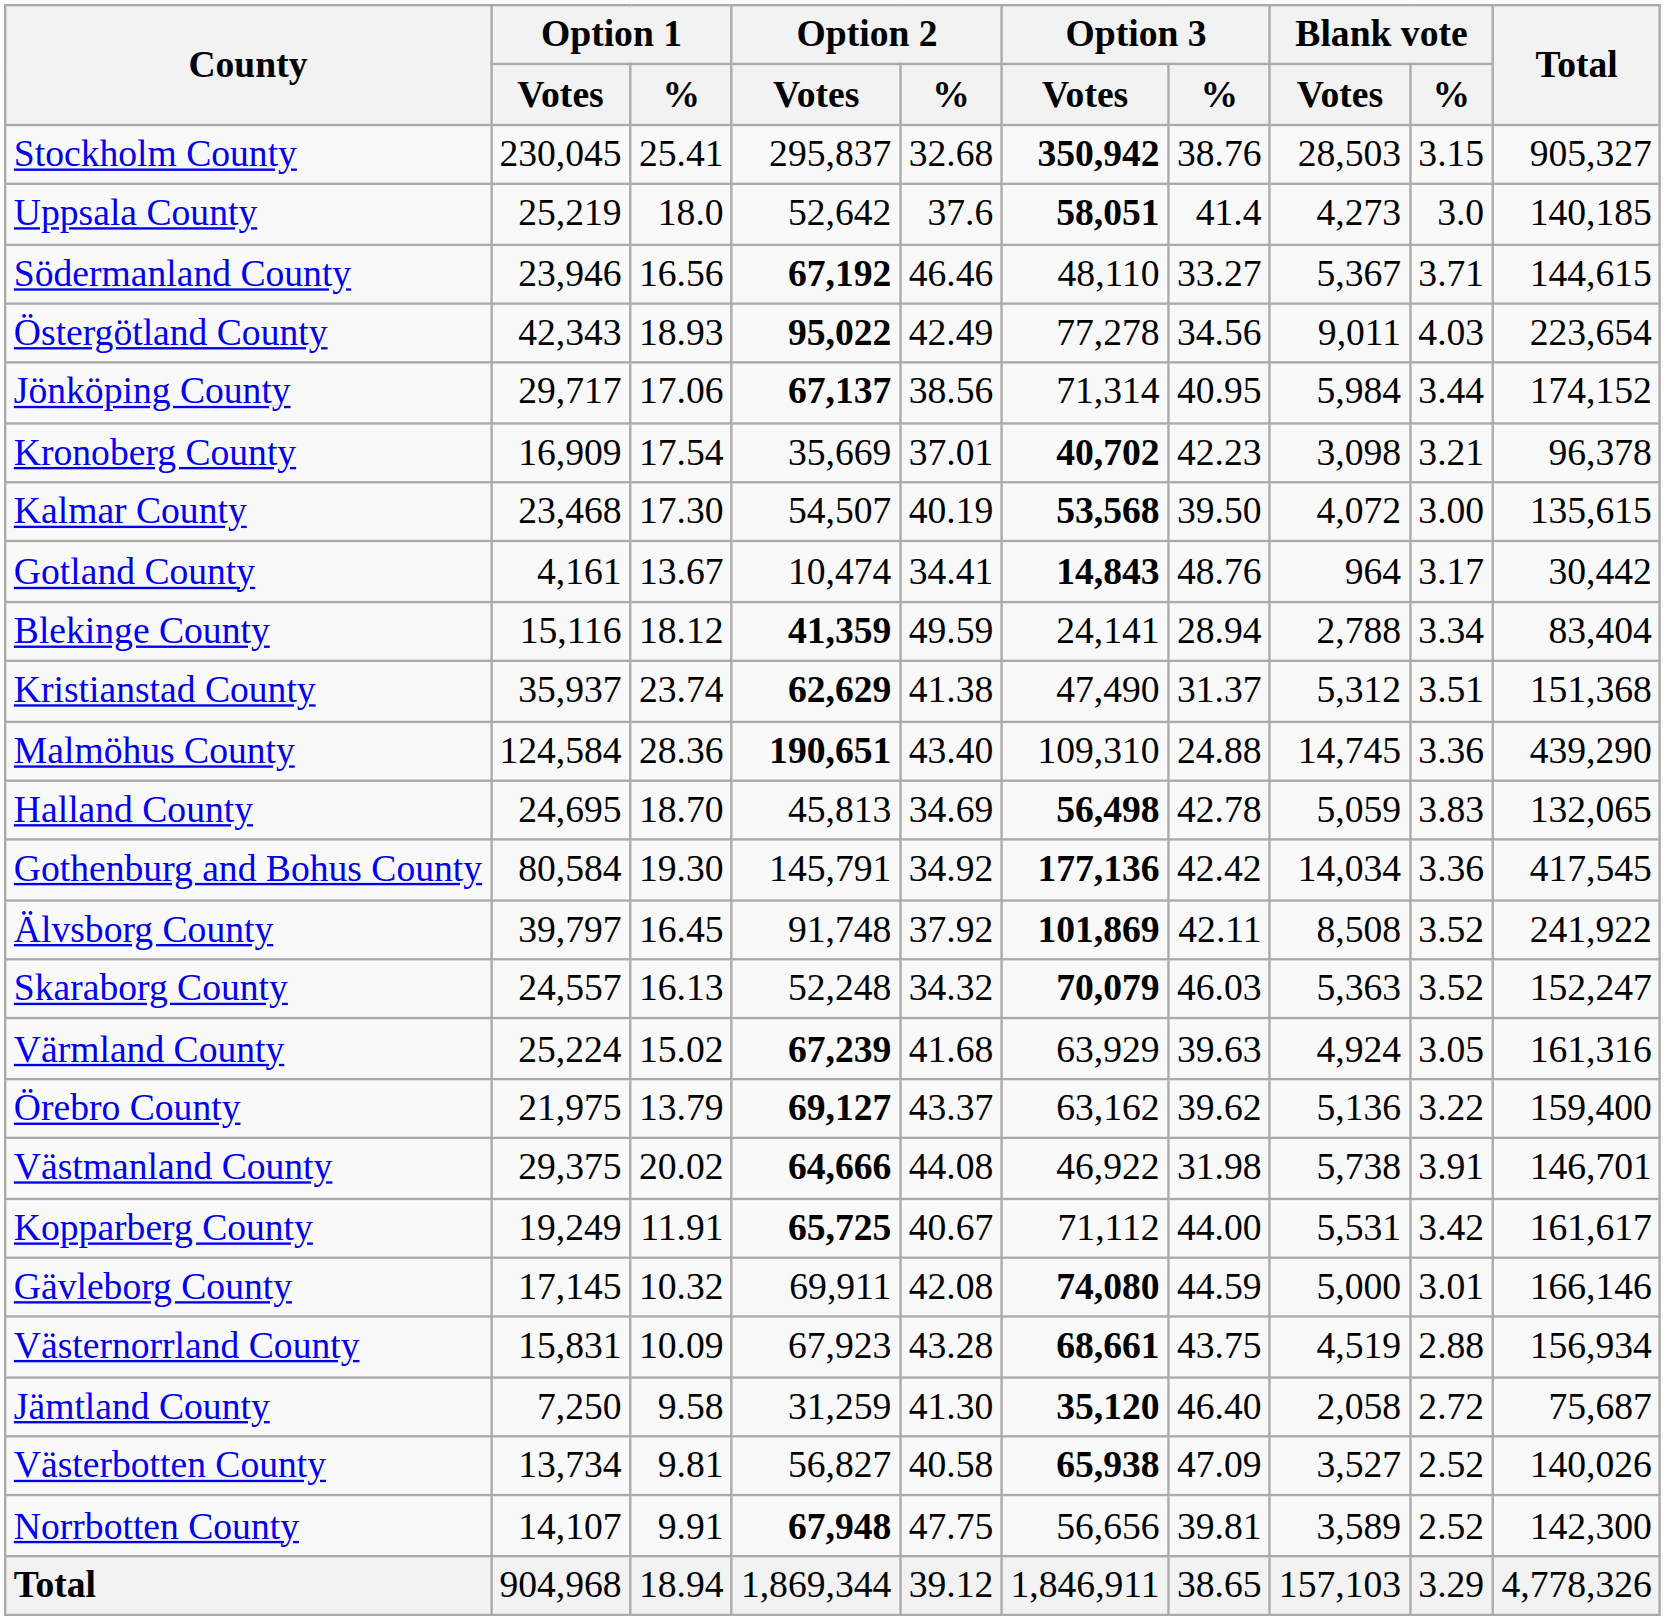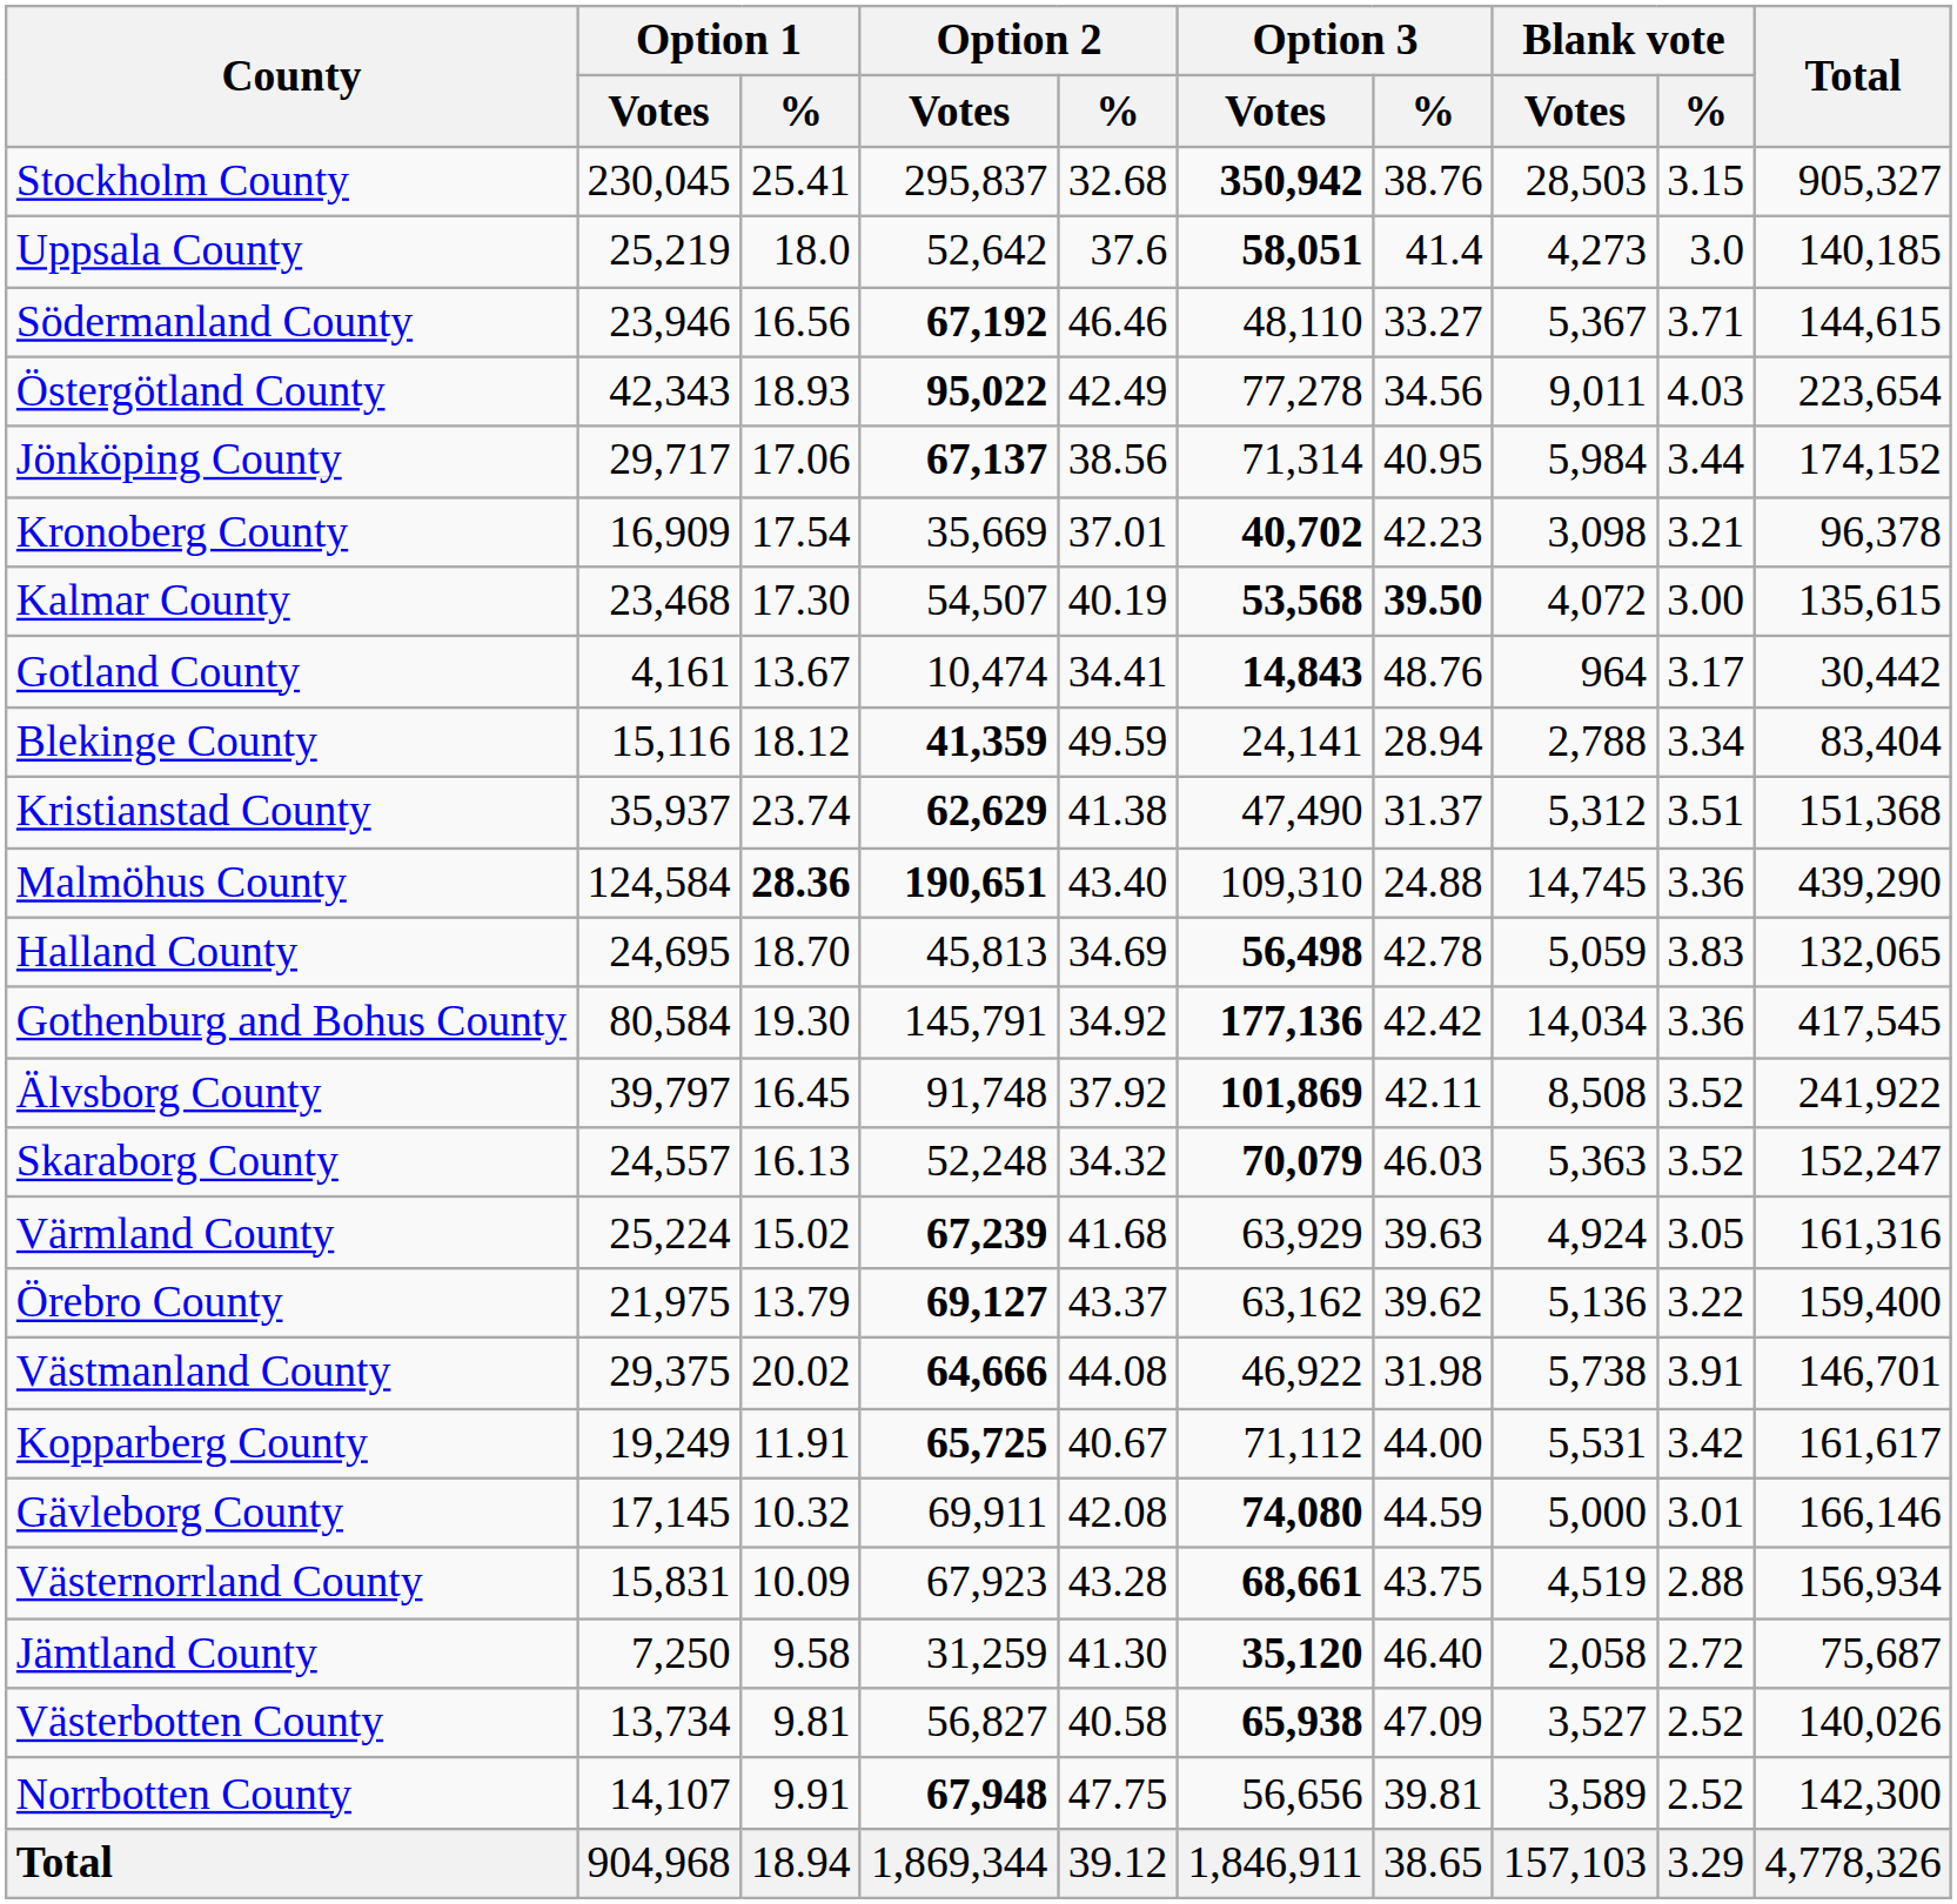 <table class="wikitable sortable" style=text-align:right>
 <tr>
 <th rowspan=2>County</th>
 <th colspan=2>Option 1</th>
 <th colspan=2>Option 2</th>
 <th colspan=2>Option 3</th>
 <th colspan=2>Blank vote</th>
 <th rowspan=2>Total</th>
 </tr>
 <tr>
 <th>Votes</th>
 <th>%</th>
 <th>Votes</th>
 <th>%</th>
 <th>Votes</th>
 <th>%</th>
 <th>Votes</th>
 <th>%</th>
 </tr>
 <tr>
 <td align=left><a href='#'>Stockholm County</a></td>
 <td>230,045</td>
 <td>25.41</td>
 <td>295,837</td>
 <td>32.68</td>
 <td><strong>350,942</strong></td>
 <td>38.76</td>
 <td>28,503</td>
 <td>3.15</td>
 <td>905,327</td>
 </tr>
 <tr>
 <td align=left><a href='#'>Uppsala County</a></td>
 <td>25,219</td>
 <td>18.0</td>
 <td>52,642</td>
 <td>37.6</td>
 <td><strong>58,051</strong></td>
 <td>41.4</td>
 <td>4,273</td>
 <td>3.0</td>
 <td>140,185</td>
 </tr>
 <tr>
 <td align=left><a href='#'>Södermanland County</a></td>
 <td>23,946</td>
 <td>16.56</td>
 <td><strong>67,192</strong></td>
 <td>46.46</td>
 <td>48,110</td>
 <td>33.27</td>
 <td>5,367</td>
 <td>3.71</td>
 <td>144,615</td>
 </tr>
 <tr>
 <td align=left><a href='#'>Östergötland County</a></td>
 <td>42,343</td>
 <td>18.93</td>
 <td><strong>95,022</strong></td>
 <td>42.49</td>
 <td>77,278</td>
 <td>34.56</td>
 <td>9,011</td>
 <td>4.03</td>
 <td>223,654</td>
 </tr>
 <tr>
 <td align=left><a href='#'>Jönköping County</a></td>
 <td>29,717</td>
 <td>17.06</td>
 <td><strong>67,137</strong></td>
 <td>38.56</td>
 <td>71,314</td>
 <td>40.95</td>
 <td>5,984</td>
 <td>3.44</td>
 <td>174,152</td>
 </tr>
 <tr>
 <td align=left><a href='#'>Kronoberg County</a></td>
 <td>16,909</td>
 <td>17.54</td>
 <td>35,669</td>
 <td>37.01</td>
 <td><strong>40,702</strong></td>
 <td>42.23</td>
 <td>3,098</td>
 <td>3.21</td>
 <td>96,378</td>
 </tr>
 <tr>
 <td align=left><a href='#'>Kalmar County</a></td>
 <td>23,468</td>
 <td>17.30</td>
 <td>54,507</td>
 <td>40.19</td>
 <td><strong>53,568</strong></td>
-<td>39.50</td>
+<td><strong>39.50</strong></td>
 <td>4,072</td>
 <td>3.00</td>
 <td>135,615</td>
 </tr>
 <tr>
 <td align=left><a href='#'>Gotland County</a></td>
 <td>4,161</td>
 <td>13.67</td>
 <td>10,474</td>
 <td>34.41</td>
 <td><strong>14,843</strong></td>
 <td>48.76</td>
 <td>964</td>
 <td>3.17</td>
 <td>30,442</td>
 </tr>
 <tr>
 <td align=left><a href='#'>Blekinge County</a></td>
 <td>15,116</td>
 <td>18.12</td>
 <td><strong>41,359</strong></td>
 <td>49.59</td>
 <td>24,141</td>
 <td>28.94</td>
 <td>2,788</td>
 <td>3.34</td>
 <td>83,404</td>
 </tr>
 <tr>
 <td align=left><a href='#'>Kristianstad County</a></td>
 <td>35,937</td>
 <td>23.74</td>
 <td><strong>62,629</strong></td>
 <td>41.38</td>
 <td>47,490</td>
 <td>31.37</td>
 <td>5,312</td>
 <td>3.51</td>
 <td>151,368</td>
 </tr>
 <tr>
 <td align=left><a href='#'>Malmöhus County</a></td>
 <td>124,584</td>
-<td>28.36</td>
+<td><strong>28.36</strong></td>
 <td><strong>190,651</strong></td>
 <td>43.40</td>
 <td>109,310</td>
 <td>24.88</td>
 <td>14,745</td>
 <td>3.36</td>
 <td>439,290</td>
 </tr>
 <tr>
 <td align=left><a href='#'>Halland County</a></td>
 <td>24,695</td>
 <td>18.70</td>
 <td>45,813</td>
 <td>34.69</td>
 <td><strong>56,498</strong></td>
 <td>42.78</td>
 <td>5,059</td>
 <td>3.83</td>
 <td>132,065</td>
 </tr>
 <tr>
 <td align=left><a href='#'>Gothenburg and Bohus County</a></td>
 <td>80,584</td>
 <td>19.30</td>
 <td>145,791</td>
 <td>34.92</td>
 <td><strong>177,136</strong></td>
 <td>42.42</td>
 <td>14,034</td>
 <td>3.36</td>
 <td>417,545</td>
 </tr>
 <tr>
 <td align=left><a href='#'>Älvsborg County</a></td>
 <td>39,797</td>
 <td>16.45</td>
 <td>91,748</td>
 <td>37.92</td>
 <td><strong>101,869</strong></td>
 <td>42.11</td>
 <td>8,508</td>
 <td>3.52</td>
 <td>241,922</td>
 </tr>
 <tr>
 <td align=left><a href='#'>Skaraborg County</a></td>
 <td>24,557</td>
 <td>16.13</td>
 <td>52,248</td>
 <td>34.32</td>
 <td><strong>70,079</strong></td>
 <td>46.03</td>
 <td>5,363</td>
 <td>3.52</td>
 <td>152,247</td>
 </tr>
 <tr>
 <td align=left><a href='#'>Värmland County</a></td>
 <td>25,224</td>
 <td>15.02</td>
 <td><strong>67,239</strong></td>
 <td>41.68</td>
 <td>63,929</td>
 <td>39.63</td>
 <td>4,924</td>
 <td>3.05</td>
 <td>161,316</td>
 </tr>
 <tr>
 <td align=left><a href='#'>Örebro County</a></td>
 <td>21,975</td>
 <td>13.79</td>
 <td><strong>69,127</strong></td>
 <td>43.37</td>
 <td>63,162</td>
 <td>39.62</td>
 <td>5,136</td>
 <td>3.22</td>
 <td>159,400</td>
 </tr>
 <tr>
 <td align=left><a href='#'>Västmanland County</a></td>
 <td>29,375</td>
 <td>20.02</td>
 <td><strong>64,666</strong></td>
 <td>44.08</td>
 <td>46,922</td>
 <td>31.98</td>
 <td>5,738</td>
 <td>3.91</td>
 <td>146,701</td>
 </tr>
 <tr>
 <td align=left><a href='#'>Kopparberg County</a></td>
 <td>19,249</td>
 <td>11.91</td>
 <td><strong>65,725</strong></td>
 <td>40.67</td>
 <td>71,112</td>
 <td>44.00</td>
 <td>5,531</td>
 <td>3.42</td>
 <td>161,617</td>
 </tr>
 <tr>
 <td align=left><a href='#'>Gävleborg County</a></td>
 <td>17,145</td>
 <td>10.32</td>
 <td>69,911</td>
 <td>42.08</td>
 <td><strong>74,080</strong></td>
 <td>44.59</td>
 <td>5,000</td>
 <td>3.01</td>
 <td>166,146</td>
 </tr>
 <tr>
 <td align=left><a href='#'>Västernorrland County</a></td>
 <td>15,831</td>
 <td>10.09</td>
 <td>67,923</td>
 <td>43.28</td>
 <td><strong>68,661</strong></td>
 <td>43.75</td>
 <td>4,519</td>
 <td>2.88</td>
 <td>156,934</td>
 </tr>
 <tr>
 <td align=left><a href='#'>Jämtland County</a></td>
 <td>7,250</td>
 <td>9.58</td>
 <td>31,259</td>
 <td>41.30</td>
 <td><strong>35,120</strong></td>
 <td>46.40</td>
 <td>2,058</td>
 <td>2.72</td>
 <td>75,687</td>
 </tr>
 <tr>
 <td align=left><a href='#'>Västerbotten County</a></td>
 <td>13,734</td>
 <td>9.81</td>
 <td>56,827</td>
 <td>40.58</td>
 <td><strong>65,938</strong></td>
 <td>47.09</td>
 <td>3,527</td>
 <td>2.52</td>
 <td>140,026</td>
 </tr>
 <tr>
 <td align=left><a href='#'>Norrbotten County</a></td>
 <td>14,107</td>
 <td>9.91</td>
 <td><strong>67,948</strong></td>
 <td>47.75</td>
 <td>56,656</td>
 <td>39.81</td>
 <td>3,589</td>
 <td>2.52</td>
 <td>142,300</td>
 </tr>
 <tr style="background-color: #f2f2f2" class=sortbottom>
 <td align=left><strong>Total</strong></td>
 <td>904,968</td>
 <td>18.94</td>
 <td>1,869,344</td>
 <td>39.12</td>
 <td>1,846,911</td>
 <td>38.65</td>
 <td>157,103</td>
 <td>3.29</td>
 <td>4,778,326</td>
 </tr>
 </table>
